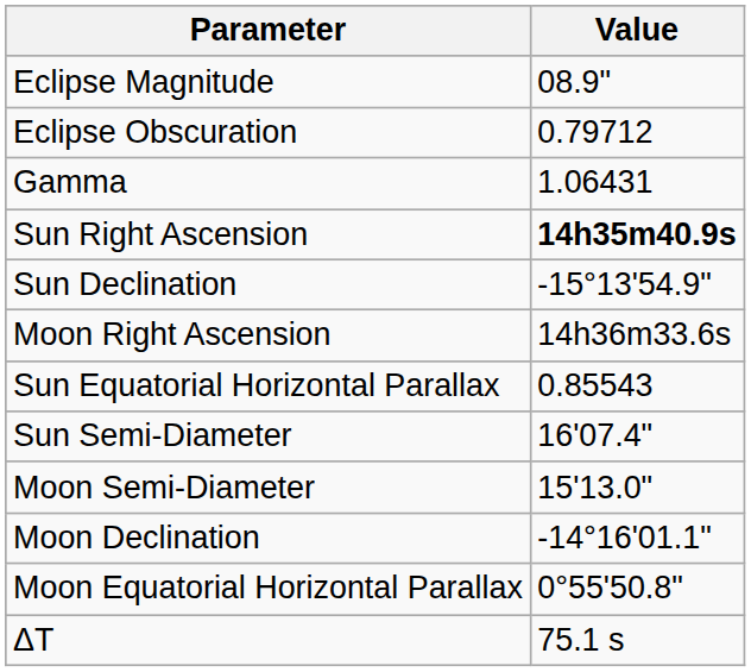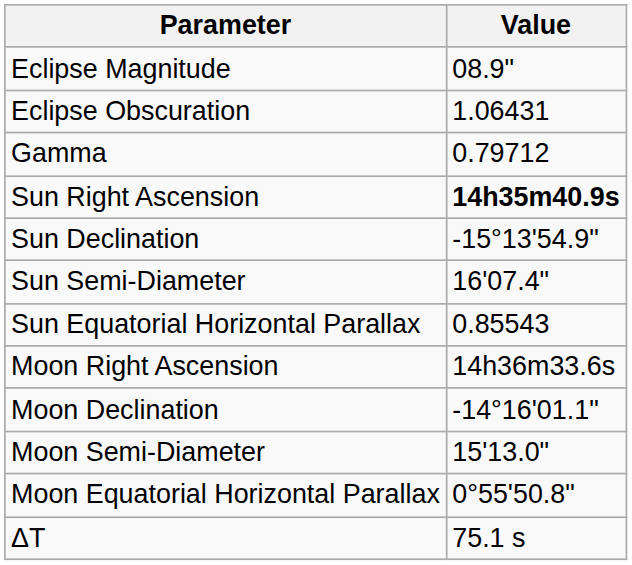 <table class="wikitable">
 <tr>
 <th>Parameter</th>
 <th>Value</th>
 </tr>
 <tr>
 <td>Eclipse Magnitude</td>
 <td>08.9"</td>
 </tr>
 <tr>
 <td>Eclipse Obscuration</td>
-<td>0.79712</td>
+<td>1.06431</td>
 </tr>
 <tr>
 <td>Gamma</td>
-<td>1.06431</td>
+<td>0.79712</td>
 </tr>
 <tr>
 <td>Sun Right Ascension</td>
 <td><strong>14h35m40.9s</strong></td>
 </tr>
 <tr>
 <td>Sun Declination</td>
 <td>-15°13'54.9"</td>
 </tr>
 <tr>
-<td>Moon Right Ascension</td>
-<td>14h36m33.6s</td>
+<td>Sun Semi-Diameter</td>
+<td>16'07.4"</td>
 </tr>
 <tr>
 <td>Sun Equatorial Horizontal Parallax</td>
 <td>0.85543</td>
 </tr>
 <tr>
-<td>Sun Semi-Diameter</td>
-<td>16'07.4"</td>
+<td>Moon Right Ascension</td>
+<td>14h36m33.6s</td>
+</tr>
+<tr>
+<td>Moon Declination</td>
+<td>-14°16'01.1"</td>
 </tr>
 <tr>
 <td>Moon Semi-Diameter</td>
 <td>15'13.0"</td>
-</tr>
-<tr>
-<td>Moon Declination</td>
-<td>-14°16'01.1"</td>
 </tr>
 <tr>
 <td>Moon Equatorial Horizontal Parallax</td>
 <td>0°55'50.8"</td>
 </tr>
 <tr>
 <td>ΔT</td>
 <td>75.1 s</td>
 </tr>
 </table>
